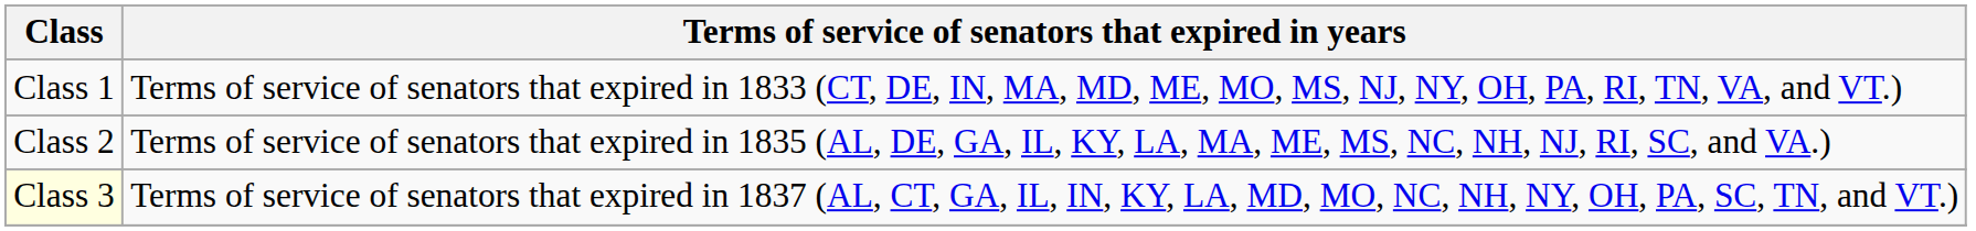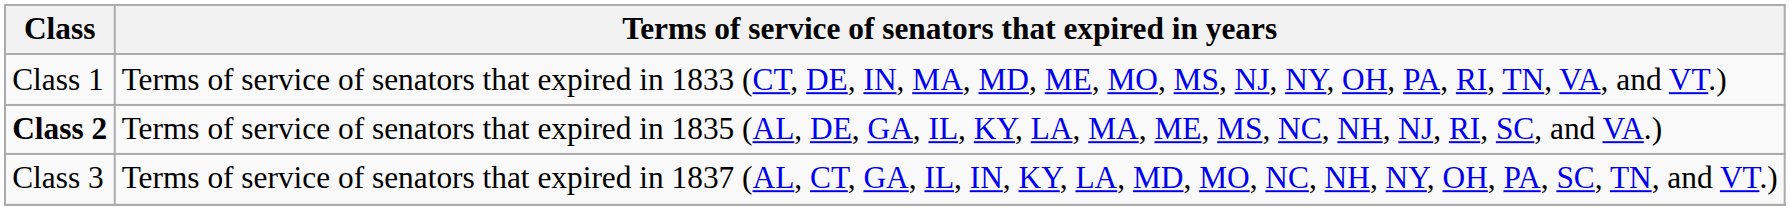 <table class="wikitable sortable">
 <tr valign=bottom>
 <th>Class</th>
 <th>Terms of service of senators that expired in years</th>
 </tr>
 <tr>
 <td>Class 1</td>
 <td>Terms of service of senators that expired in 1833 (<a href='#'>CT</a>, <a href='#'>DE</a>, <a href='#'>IN</a>, <a href='#'>MA</a>, <a href='#'>MD</a>, <a href='#'>ME</a>, <a href='#'>MO</a>, <a href='#'>MS</a>, <a href='#'>NJ</a>, <a href='#'>NY</a>, <a href='#'>OH</a>, <a href='#'>PA</a>, <a href='#'>RI</a>, <a href='#'>TN</a>, <a href='#'>VA</a>, and <a href='#'>VT</a>.)</td>
 </tr>
 <tr>
-<td>Class 2</td>
+<td><strong>Class 2</strong></td>
 <td>Terms of service of senators that expired in 1835 (<a href='#'>AL</a>, <a href='#'>DE</a>, <a href='#'>GA</a>, <a href='#'>IL</a>, <a href='#'>KY</a>, <a href='#'>LA</a>, <a href='#'>MA</a>, <a href='#'>ME</a>, <a href='#'>MS</a>, <a href='#'>NC</a>, <a href='#'>NH</a>, <a href='#'>NJ</a>, <a href='#'>RI</a>, <a href='#'>SC</a>, and <a href='#'>VA</a>.)</td>
 </tr>
 <tr>
-<td style="background: lightyellow;">Class 3</td>
+<td>Class 3</td>
 <td>Terms of service of senators that expired in 1837 (<a href='#'>AL</a>, <a href='#'>CT</a>, <a href='#'>GA</a>, <a href='#'>IL</a>, <a href='#'>IN</a>, <a href='#'>KY</a>, <a href='#'>LA</a>, <a href='#'>MD</a>, <a href='#'>MO</a>, <a href='#'>NC</a>, <a href='#'>NH</a>, <a href='#'>NY</a>, <a href='#'>OH</a>, <a href='#'>PA</a>, <a href='#'>SC</a>, <a href='#'>TN</a>, and <a href='#'>VT</a>.)</td>
 </tr>
 <tr>
 </tr>
 </table>
